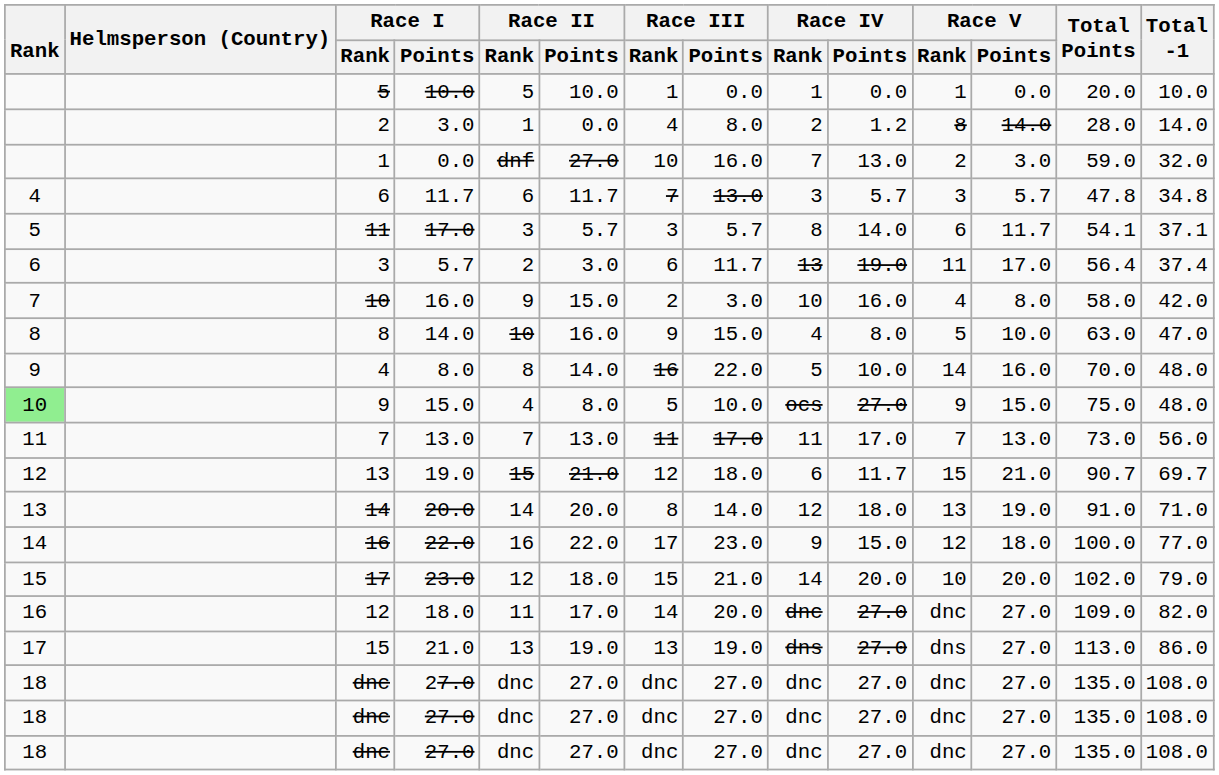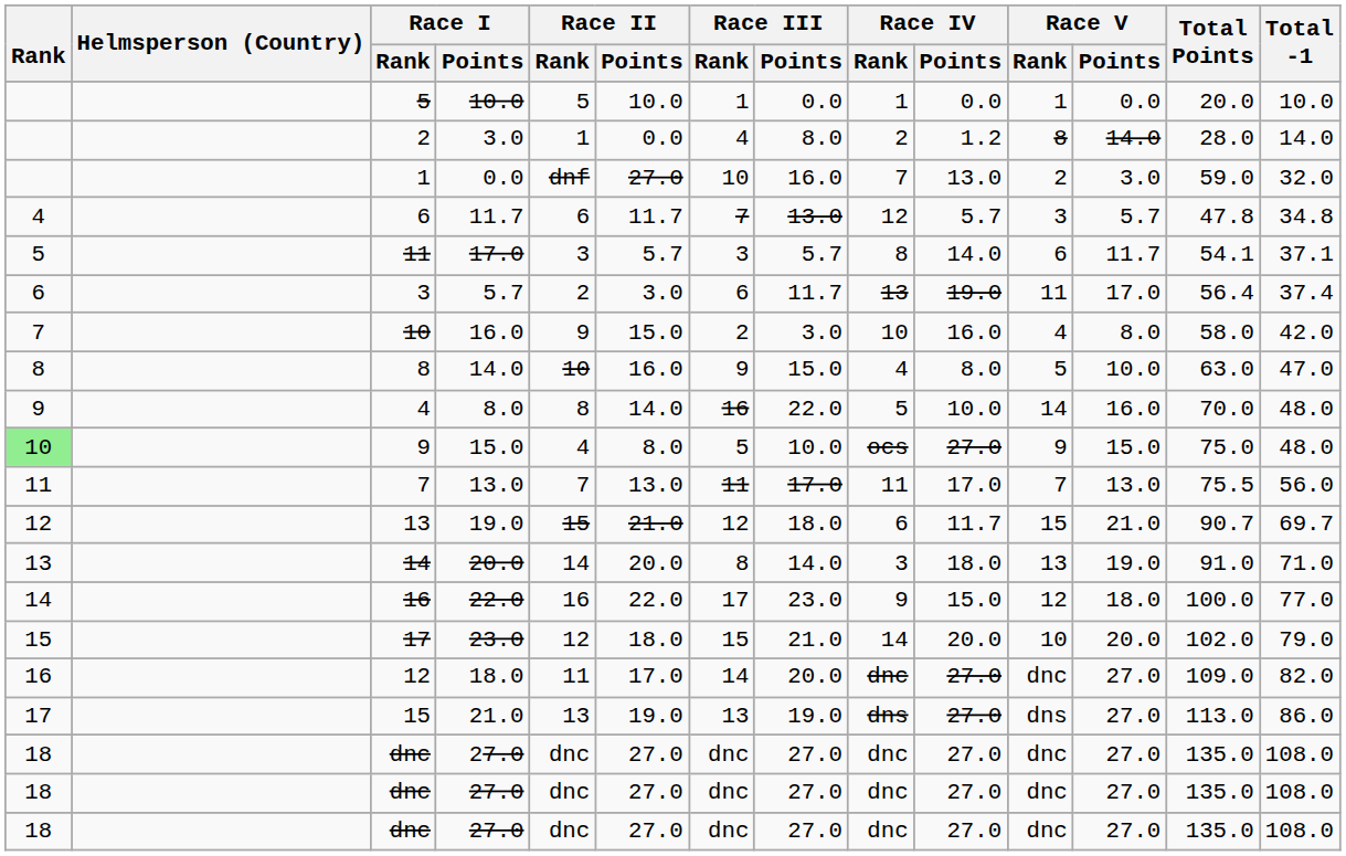 <table class="wikitable" style="text-align:right; font-size:90%">
 <tr>
 <th rowspan=2><br>Rank</th>
 <th rowspan=2>Helmsperson (Country)</th>
 <th colspan=2>Race I</th>
 <th colspan=2>Race II</th>
 <th colspan=2>Race III</th>
 <th colspan=2>Race IV</th>
 <th colspan=2>Race V</th>
 <th rowspan=2>Total <br>Points <br></th>
 <th rowspan=2>Total<br>-1<br></th>
 </tr>
 <tr>
 <th>Rank</th>
 <th>Points</th>
 <th>Rank</th>
 <th>Points</th>
 <th>Rank</th>
 <th>Points</th>
 <th>Rank</th>
 <th>Points</th>
 <th>Rank</th>
 <th>Points</th>
 </tr>
 <tr style="vertical-align:top;">
 <td align=center></td>
 <td align=left></td>
 <td><s>5</s></td>
 <td><s>10.0</s></td>
 <td>5</td>
 <td>10.0</td>
 <td>1</td>
 <td>0.0</td>
 <td>1</td>
 <td>0.0</td>
 <td>1</td>
 <td>0.0</td>
 <td>20.0</td>
 <td>10.0</td>
 </tr>
 <tr>
 <td align=center></td>
 <td align=left></td>
 <td>2</td>
 <td>3.0</td>
 <td>1</td>
 <td>0.0</td>
 <td>4</td>
 <td>8.0</td>
 <td>2</td>
 <td>1.2</td>
 <td><s>8</s></td>
 <td><s>14.0</s></td>
 <td>28.0</td>
 <td>14.0</td>
 </tr>
 <tr>
 <td align=center></td>
 <td align=left></td>
 <td>1</td>
 <td>0.0</td>
 <td><s>dnf</s></td>
 <td><s>27.0</s></td>
 <td>10</td>
 <td>16.0</td>
 <td>7</td>
 <td>13.0</td>
 <td>2</td>
 <td>3.0</td>
 <td>59.0</td>
 <td>32.0</td>
 </tr>
 <tr>
 <td align=center>4</td>
 <td align=left></td>
 <td>6</td>
 <td>11.7</td>
 <td>6</td>
 <td>11.7</td>
 <td><s>7</s></td>
 <td><s>13.0</s></td>
-<td>3</td>
+<td>12</td>
 <td>5.7</td>
 <td>3</td>
 <td>5.7</td>
 <td>47.8</td>
 <td>34.8</td>
 </tr>
 <tr>
 <td align=center>5</td>
 <td align=left></td>
 <td><s>11</s></td>
 <td><s>17.0</s></td>
 <td>3</td>
 <td>5.7</td>
 <td>3</td>
 <td>5.7</td>
 <td>8</td>
 <td>14.0</td>
 <td>6</td>
 <td>11.7</td>
 <td>54.1</td>
 <td>37.1</td>
 </tr>
 <tr>
 <td align=center>6</td>
 <td align=left></td>
 <td>3</td>
 <td>5.7</td>
 <td>2</td>
 <td>3.0</td>
 <td>6</td>
 <td>11.7</td>
 <td><s>13</s></td>
 <td><s>19.0</s></td>
 <td>11</td>
 <td>17.0</td>
 <td>56.4</td>
 <td>37.4</td>
 </tr>
 <tr>
 <td align=center>7</td>
 <td align=left></td>
 <td><s>10</s></td>
 <td>16.0</td>
 <td>9</td>
 <td>15.0</td>
 <td>2</td>
 <td>3.0</td>
 <td>10</td>
 <td>16.0</td>
 <td>4</td>
 <td>8.0</td>
 <td>58.0</td>
 <td>42.0</td>
 </tr>
 <tr>
 <td align=center>8</td>
 <td align=left></td>
 <td>8</td>
 <td>14.0</td>
 <td><s>10</s></td>
 <td>16.0</td>
 <td>9</td>
 <td>15.0</td>
 <td>4</td>
 <td>8.0</td>
 <td>5</td>
 <td>10.0</td>
 <td>63.0</td>
 <td>47.0</td>
 </tr>
 <tr>
 <td align=center>9</td>
 <td align=left></td>
 <td>4</td>
 <td>8.0</td>
 <td>8</td>
 <td>14.0</td>
 <td><s>16</s></td>
 <td>22.0</td>
 <td>5</td>
 <td>10.0</td>
 <td>14</td>
 <td>16.0</td>
 <td>70.0</td>
 <td>48.0</td>
 </tr>
 <tr>
 <td align=center style="background: lightgreen;">10</td>
 <td align=left></td>
 <td>9</td>
 <td>15.0</td>
 <td>4</td>
 <td>8.0</td>
 <td>5</td>
 <td>10.0</td>
 <td><s>ocs</s></td>
 <td><s>27.0</s></td>
 <td>9</td>
 <td>15.0</td>
 <td>75.0</td>
 <td>48.0</td>
 </tr>
 <tr>
 <td align=center>11</td>
 <td align=left></td>
 <td>7</td>
 <td>13.0</td>
 <td>7</td>
 <td>13.0</td>
 <td><s>11</s></td>
 <td><s>17.0</s></td>
 <td>11</td>
 <td>17.0</td>
 <td>7</td>
 <td>13.0</td>
-<td>73.0</td>
+<td>75.5</td>
 <td>56.0</td>
 </tr>
 <tr>
 <td align=center>12</td>
 <td align=left></td>
 <td>13</td>
 <td>19.0</td>
 <td><s>15</s></td>
 <td><s>21.0</s></td>
 <td>12</td>
 <td>18.0</td>
 <td>6</td>
 <td>11.7</td>
 <td>15</td>
 <td>21.0</td>
 <td>90.7</td>
 <td>69.7</td>
 </tr>
 <tr>
 <td align=center>13</td>
 <td align=left></td>
 <td><s>14</s></td>
 <td><s>20.0</s></td>
 <td>14</td>
 <td>20.0</td>
 <td>8</td>
 <td>14.0</td>
-<td>12</td>
+<td>3</td>
 <td>18.0</td>
 <td>13</td>
 <td>19.0</td>
 <td>91.0</td>
 <td>71.0</td>
 </tr>
 <tr>
 <td align=center>14</td>
 <td align=left></td>
 <td><s>16</s></td>
 <td><s>22.0</s></td>
 <td>16</td>
 <td>22.0</td>
 <td>17</td>
 <td>23.0</td>
 <td>9</td>
 <td>15.0</td>
 <td>12</td>
 <td>18.0</td>
 <td>100.0</td>
 <td>77.0</td>
 </tr>
 <tr>
 <td align=center>15</td>
 <td align=left></td>
 <td><s>17</s></td>
 <td><s>23.0</s></td>
 <td>12</td>
 <td>18.0</td>
 <td>15</td>
 <td>21.0</td>
 <td>14</td>
 <td>20.0</td>
 <td>10</td>
 <td>20.0</td>
 <td>102.0</td>
 <td>79.0</td>
 </tr>
 <tr>
 <td align=center>16</td>
 <td align=left></td>
 <td>12</td>
 <td>18.0</td>
 <td>11</td>
 <td>17.0</td>
 <td>14</td>
 <td>20.0</td>
 <td><s>dnc</s></td>
 <td><s>27.0</s></td>
 <td>dnc</td>
 <td>27.0</td>
 <td>109.0</td>
 <td>82.0</td>
 </tr>
 <tr>
 <td align=center>17</td>
 <td align=left></td>
 <td>15</td>
 <td>21.0</td>
 <td>13</td>
 <td>19.0</td>
 <td>13</td>
 <td>19.0</td>
 <td><s>dns</s></td>
 <td><s>27.0</s></td>
 <td>dns</td>
 <td>27.0</td>
 <td>113.0</td>
 <td>86.0</td>
 </tr>
 <tr>
 <td align=center>18</td>
 <td align=left></td>
 <td><s>dnc</s></td>
 <td>2<s>7.0</s></td>
 <td>dnc</td>
 <td>27.0</td>
 <td>dnc</td>
 <td>27.0</td>
 <td>dnc</td>
 <td>27.0</td>
 <td>dnc</td>
 <td>27.0</td>
 <td>135.0</td>
 <td>108.0</td>
 </tr>
 <tr>
 <td align=center>18</td>
 <td align=left></td>
 <td><s>dnc</s></td>
 <td><s>27.0</s></td>
 <td>dnc</td>
 <td>27.0</td>
 <td>dnc</td>
 <td>27.0</td>
 <td>dnc</td>
 <td>27.0</td>
 <td>dnc</td>
 <td>27.0</td>
 <td>135.0</td>
 <td>108.0</td>
 </tr>
 <tr>
 <td align=center>18</td>
 <td align=left></td>
 <td><s>dnc</s></td>
 <td><s>27.0</s></td>
 <td>dnc</td>
 <td>27.0</td>
 <td>dnc</td>
 <td>27.0</td>
 <td>dnc</td>
 <td>27.0</td>
 <td>dnc</td>
 <td>27.0</td>
 <td>135.0</td>
 <td>108.0</td>
 </tr>
 </table>
